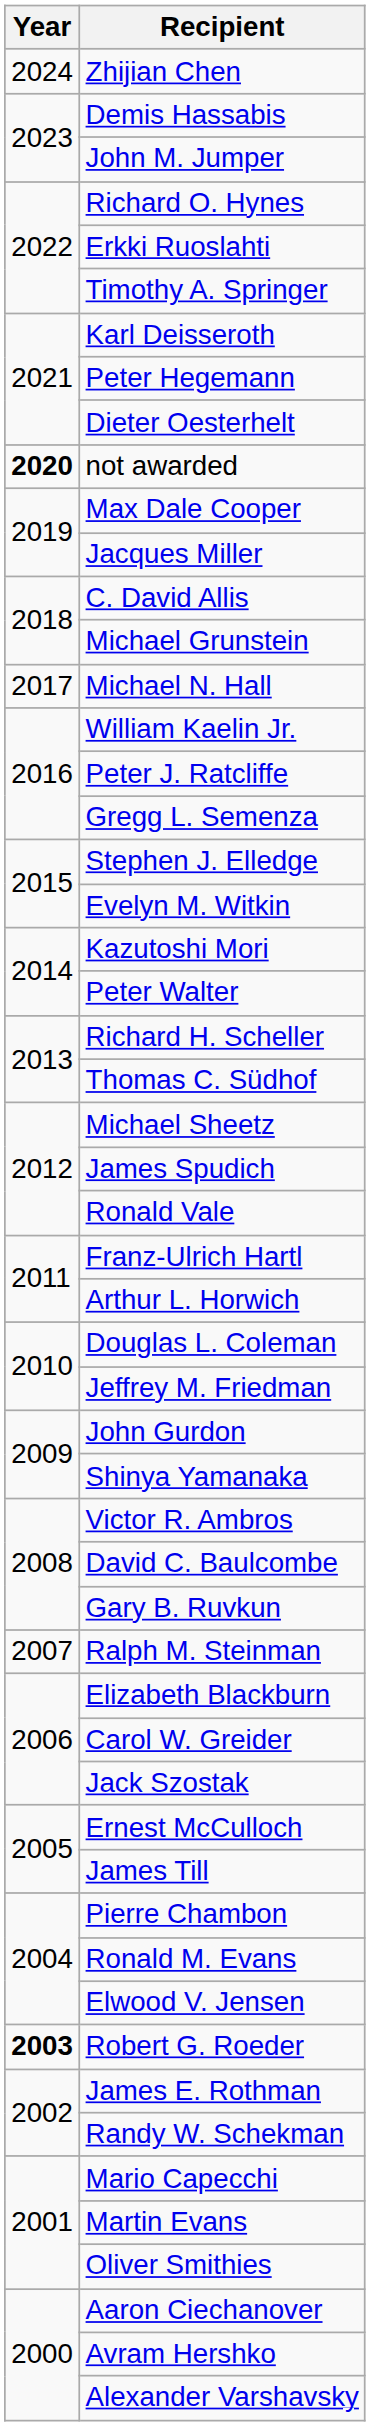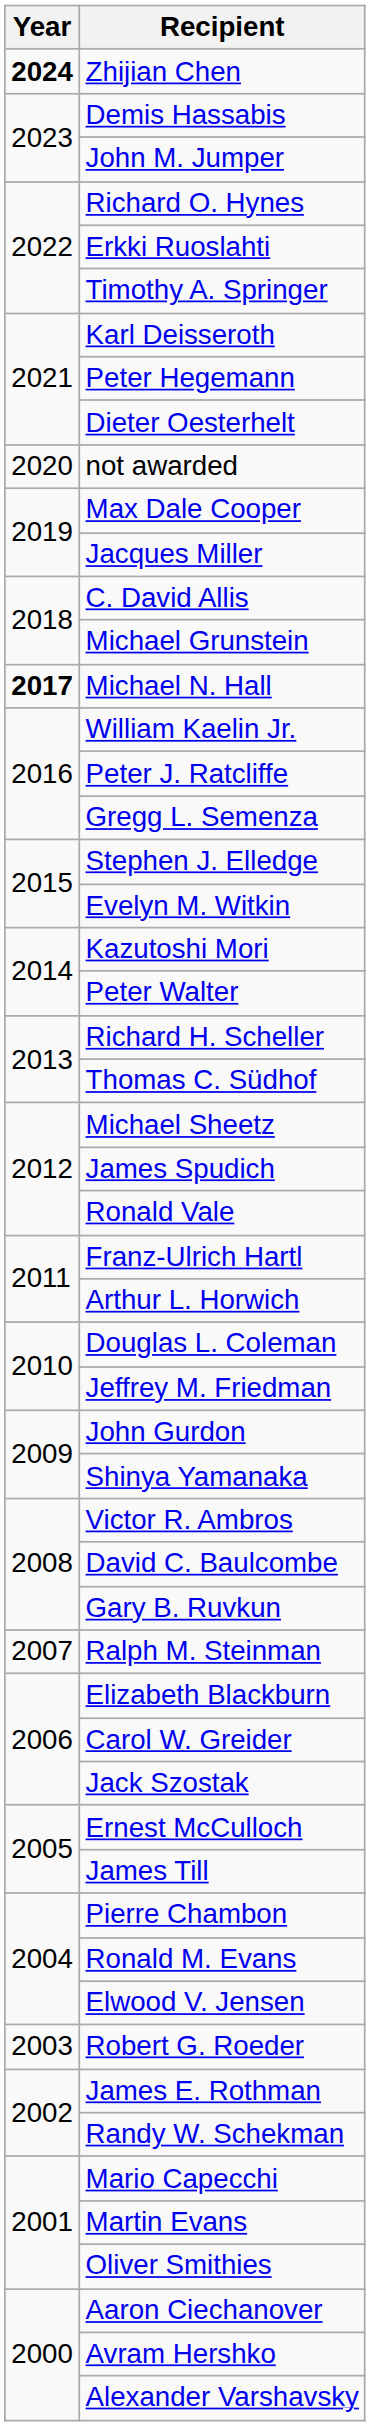 <table class="wikitable" style="display:inline-table;">
 <tr>
 <th>Year</th>
 <th>Recipient</th>
 </tr>
 <tr>
-<td Rowspan="1">2024</td>
+<td Rowspan="1"><strong>2024</strong></td>
 <td><a href='#'>Zhijian Chen</a></td>
 </tr>
 <tr>
 <td Rowspan="2">2023</td>
 <td><a href='#'>Demis Hassabis</a></td>
 </tr>
 <tr>
 <td><a href='#'>John M. Jumper</a></td>
 </tr>
 <tr>
 <td Rowspan="3">2022</td>
 <td><a href='#'>Richard O. Hynes</a></td>
 </tr>
 <tr>
 <td><a href='#'>Erkki Ruoslahti</a></td>
 </tr>
 <tr>
 <td><a href='#'>Timothy A. Springer</a></td>
 </tr>
 <tr>
 <td Rowspan="3">2021</td>
 <td><a href='#'>Karl Deisseroth</a></td>
 </tr>
 <tr>
 <td><a href='#'>Peter Hegemann</a></td>
 </tr>
 <tr>
 <td><a href='#'>Dieter Oesterhelt</a></td>
 </tr>
 <tr>
-<td Rowspan="1"><strong>2020</strong></td>
+<td Rowspan="1">2020</td>
 <td>not awarded  </td>
 </tr>
 <tr>
 <td Rowspan="2">2019</td>
 <td><a href='#'>Max Dale Cooper</a></td>
 </tr>
 <tr>
 <td><a href='#'>Jacques Miller</a></td>
 </tr>
 <tr>
 <td Rowspan="2">2018</td>
 <td><a href='#'>C. David Allis</a></td>
 </tr>
 <tr>
 <td><a href='#'>Michael Grunstein</a></td>
 </tr>
 <tr>
-<td Rowspan="1">2017</td>
+<td Rowspan="1"><strong>2017</strong></td>
 <td><a href='#'>Michael N. Hall</a></td>
 </tr>
 <tr>
 <td Rowspan="3">2016</td>
 <td><a href='#'>William Kaelin Jr.</a></td>
 </tr>
 <tr>
 <td><a href='#'>Peter J. Ratcliffe</a></td>
 </tr>
 <tr>
 <td><a href='#'>Gregg L. Semenza</a></td>
 </tr>
 <tr>
 <td Rowspan="2">2015</td>
 <td><a href='#'>Stephen J. Elledge</a></td>
 </tr>
 <tr>
 <td><a href='#'>Evelyn M. Witkin</a></td>
 </tr>
 <tr>
 <td Rowspan="2">2014</td>
 <td><a href='#'>Kazutoshi Mori</a></td>
 </tr>
 <tr>
 <td><a href='#'>Peter Walter</a></td>
 </tr>
 <tr>
 <td Rowspan="2">2013</td>
 <td><a href='#'>Richard H. Scheller</a></td>
 </tr>
 <tr>
 <td><a href='#'>Thomas C. Südhof</a></td>
 </tr>
 <tr>
 <td Rowspan="3">2012</td>
 <td><a href='#'>Michael Sheetz</a></td>
 </tr>
 <tr>
 <td><a href='#'>James Spudich</a></td>
 </tr>
 <tr>
 <td><a href='#'>Ronald Vale</a></td>
 </tr>
 <tr>
 <td Rowspan="2">2011</td>
 <td><a href='#'>Franz-Ulrich Hartl</a></td>
 </tr>
 <tr>
 <td><a href='#'>Arthur L. Horwich</a></td>
 </tr>
 <tr>
 <td Rowspan="2">2010</td>
 <td><a href='#'>Douglas L. Coleman</a></td>
 </tr>
 <tr>
 <td><a href='#'>Jeffrey M. Friedman</a></td>
 </tr>
 <tr>
 <td Rowspan="2">2009</td>
 <td><a href='#'>John Gurdon</a></td>
 </tr>
 <tr>
 <td><a href='#'>Shinya Yamanaka</a></td>
 </tr>
 <tr>
 <td Rowspan="3">2008</td>
 <td><a href='#'>Victor R. Ambros</a></td>
 </tr>
 <tr>
 <td><a href='#'>David C. Baulcombe</a></td>
 </tr>
 <tr>
 <td><a href='#'>Gary B. Ruvkun</a></td>
 </tr>
 <tr>
 <td Rowspan="1">2007</td>
 <td><a href='#'>Ralph M. Steinman</a></td>
 </tr>
 <tr>
 <td Rowspan="3">2006</td>
 <td><a href='#'>Elizabeth Blackburn</a></td>
 </tr>
 <tr>
 <td><a href='#'>Carol W. Greider</a></td>
 </tr>
 <tr>
 <td><a href='#'>Jack Szostak</a></td>
 </tr>
 <tr>
 <td Rowspan="2">2005</td>
 <td><a href='#'>Ernest McCulloch</a></td>
 </tr>
 <tr>
 <td><a href='#'>James Till</a></td>
 </tr>
 <tr>
 <td Rowspan="3">2004</td>
 <td><a href='#'>Pierre Chambon</a></td>
 </tr>
 <tr>
 <td><a href='#'>Ronald M. Evans</a></td>
 </tr>
 <tr>
 <td><a href='#'>Elwood V. Jensen</a></td>
 </tr>
 <tr>
-<td Rowspan="1"><strong>2003</strong></td>
+<td Rowspan="1">2003</td>
 <td><a href='#'>Robert G. Roeder</a></td>
 </tr>
 <tr>
 <td Rowspan="2">2002</td>
 <td><a href='#'>James E. Rothman</a></td>
 </tr>
 <tr>
 <td><a href='#'>Randy W. Schekman</a></td>
 </tr>
 <tr>
 <td Rowspan="3">2001</td>
 <td><a href='#'>Mario Capecchi</a></td>
 </tr>
 <tr>
 <td><a href='#'>Martin Evans</a></td>
 </tr>
 <tr>
 <td><a href='#'>Oliver Smithies</a></td>
 </tr>
 <tr>
 <td Rowspan="3">2000</td>
 <td><a href='#'>Aaron Ciechanover</a></td>
 </tr>
 <tr>
 <td><a href='#'>Avram Hershko</a></td>
 </tr>
 <tr>
 <td><a href='#'>Alexander Varshavsky</a></td>
 </tr>
 </table>
